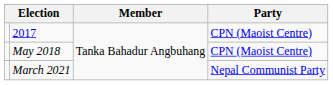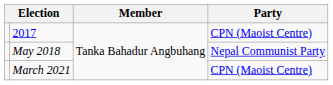 <table class="wikitable">
 <tr>
 <th colspan="2">Election</th>
 <th>Member</th>
 <th>Party</th>
 </tr>
 <tr>
 <td style="background-color:"></td>
 <td><a href='#'>2017</a></td>
 <td rowspan="3">Tanka Bahadur Angbuhang</td>
 <td><a href='#'>CPN (Maoist Centre)</a></td>
 </tr>
 <tr>
 <td style="background-color:"></td>
 <td><em>May 2018</em></td>
-<td><a href='#'>CPN (Maoist Centre)</a></td>
+<td><a href='#'>Nepal Communist Party</a></td>
 </tr>
 <tr>
 <td style="background-color:"></td>
 <td><em>March 2021</em></td>
-<td><a href='#'>Nepal Communist Party</a></td>
+<td><a href='#'>CPN (Maoist Centre)</a></td>
 </tr>
 </table>
